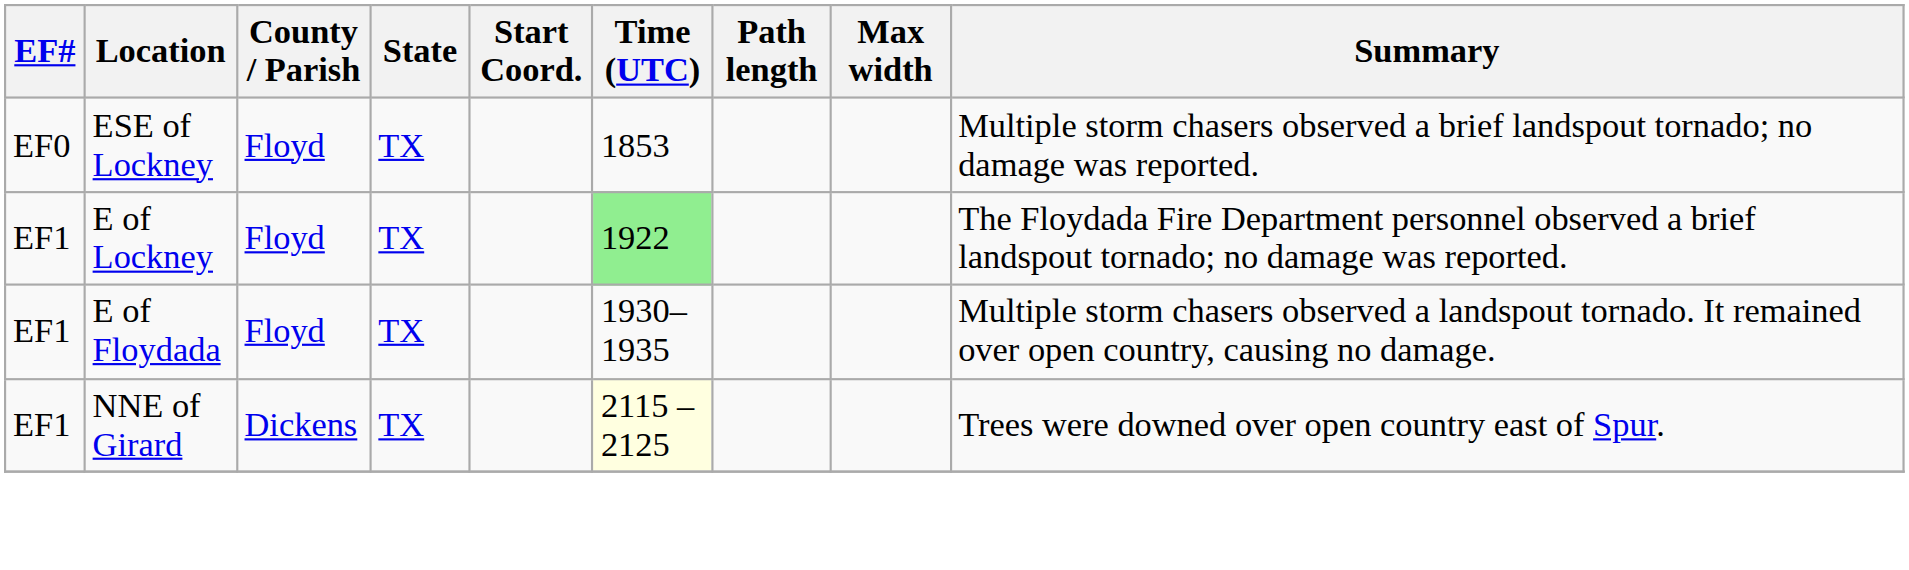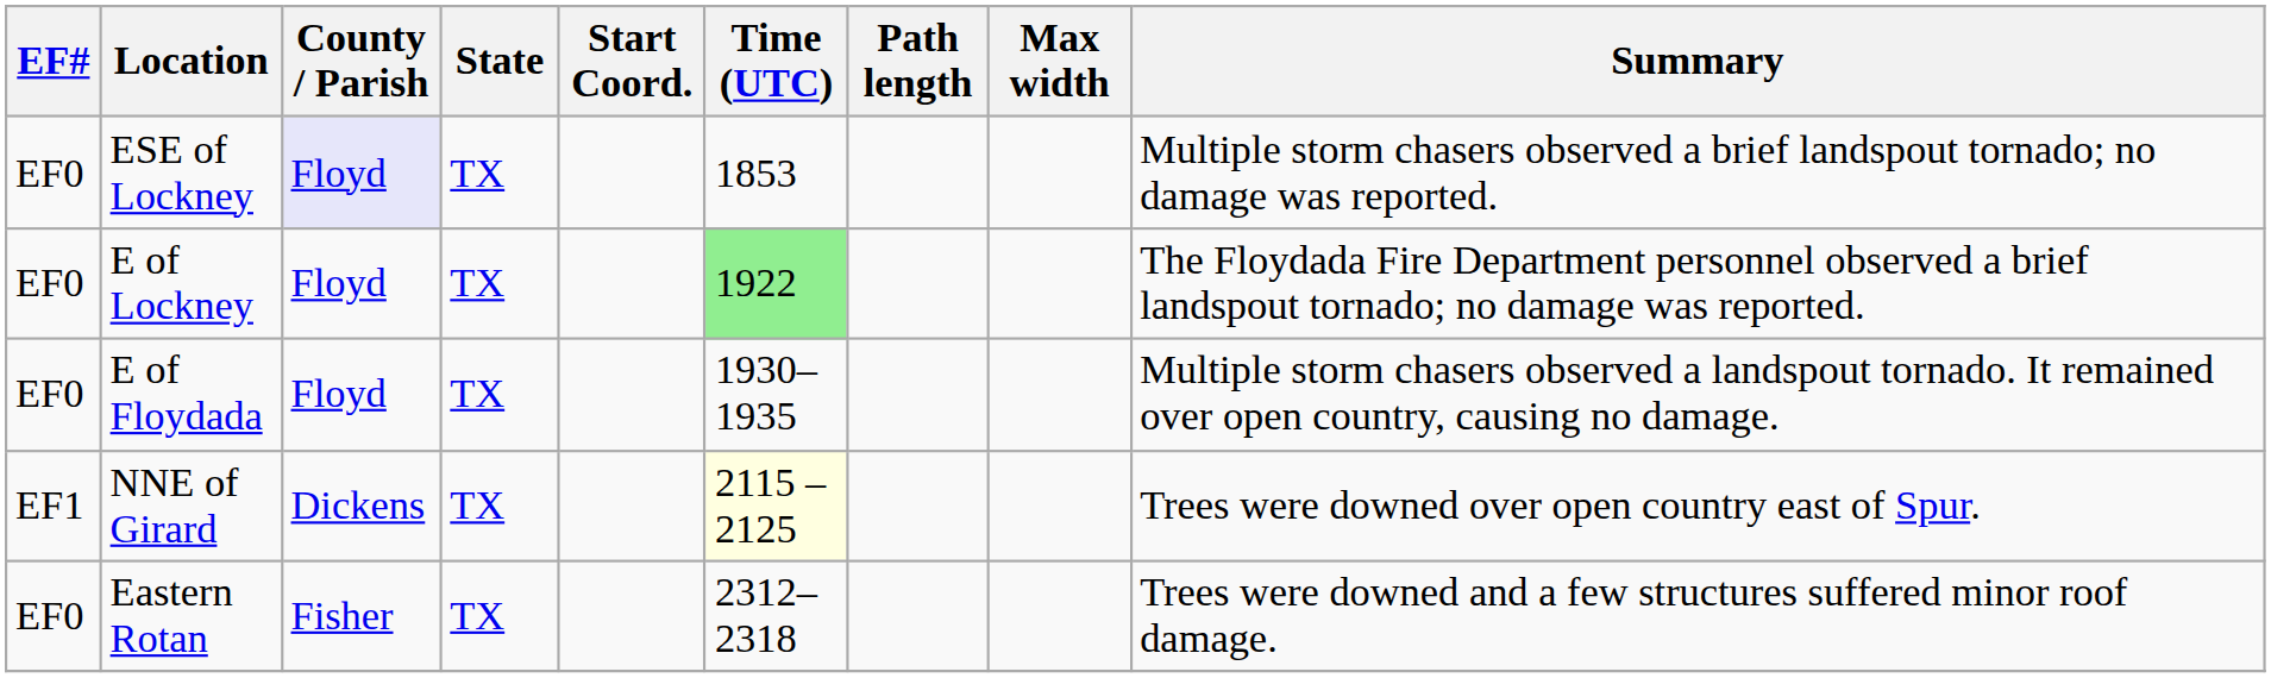 <table class="wikitable sortable" style="width:100%;">
 <tr>
 <th scope="col" width="3%" align="center"><a href='#'>EF#</a></th>
 <th scope="col" width="7%" align="center" class="unsortable">Location</th>
 <th scope="col" width="6%" align="center" class="unsortable">County / Parish</th>
 <th scope="col" width="5%" align="center">State</th>
 <th scope="col" width="6%" align="center">Start Coord.</th>
 <th scope="col" width="6%" align="center">Time (<a href='#'>UTC</a>)</th>
 <th scope="col" width="6%" align="center">Path length</th>
 <th scope="col" width="6%" align="center">Max width</th>
 <th scope="col" width="48%" class="unsortable" align="center">Summary</th>
 </tr>
 <tr>
 <td>EF0</td>
 <td>ESE of <a href='#'>Lockney</a></td>
-<td><a href='#'>Floyd</a></td>
+<td style="background: lavender;"><a href='#'>Floyd</a></td>
 <td><a href='#'>TX</a></td>
 <td></td>
 <td>1853</td>
 <td></td>
 <td></td>
 <td>Multiple storm chasers observed a brief landspout tornado; no damage was reported.</td>
 </tr>
 <tr>
-<td>EF1</td>
+<td>EF0</td>
 <td>E of <a href='#'>Lockney</a></td>
 <td><a href='#'>Floyd</a></td>
 <td><a href='#'>TX</a></td>
 <td></td>
 <td style="background: lightgreen;">1922</td>
 <td></td>
 <td></td>
 <td>The Floydada Fire Department personnel observed a brief landspout tornado; no damage was reported.</td>
 </tr>
 <tr>
-<td>EF1</td>
+<td>EF0</td>
 <td>E of <a href='#'>Floydada</a></td>
 <td><a href='#'>Floyd</a></td>
 <td><a href='#'>TX</a></td>
 <td></td>
 <td>1930–1935</td>
 <td></td>
 <td></td>
 <td>Multiple storm chasers observed a landspout tornado. It remained over open country, causing no damage.</td>
 </tr>
 <tr>
 <td>EF1</td>
 <td>NNE of <a href='#'>Girard</a></td>
 <td><a href='#'>Dickens</a></td>
 <td><a href='#'>TX</a></td>
 <td></td>
 <td style="background: lightyellow;">2115 – 2125</td>
 <td></td>
 <td></td>
 <td>Trees were downed over open country east of <a href='#'>Spur</a>.</td>
 </tr>
 <tr>
+<td>EF0</td>
+<td>Eastern <a href='#'>Rotan</a></td>
+<td><a href='#'>Fisher</a></td>
+<td><a href='#'>TX</a></td>
+<td></td>
+<td>2312–2318</td>
+<td></td>
+<td></td>
+<td>Trees were downed and a few structures suffered minor roof damage.</td>
+</tr>
+<tr>
 </tr>
 </table>
